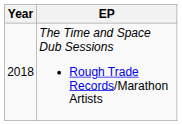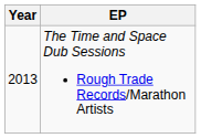 <table class="wikitable" style="text-align:center">
 <tr>
 <th rowspan="1" style="width:10px;">Year</th>
 <th rowspan="1" style="width:180px;">EP</th>
 </tr>
 <tr>
-<td>2018</td>
+<td>2013</td>
 <td align="left"><em>The Time and Space Dub Sessions</em><br><ul><li><a href='#'>Rough Trade Records</a>/Marathon Artists</li></ul></td>
 </tr>
 </table>
